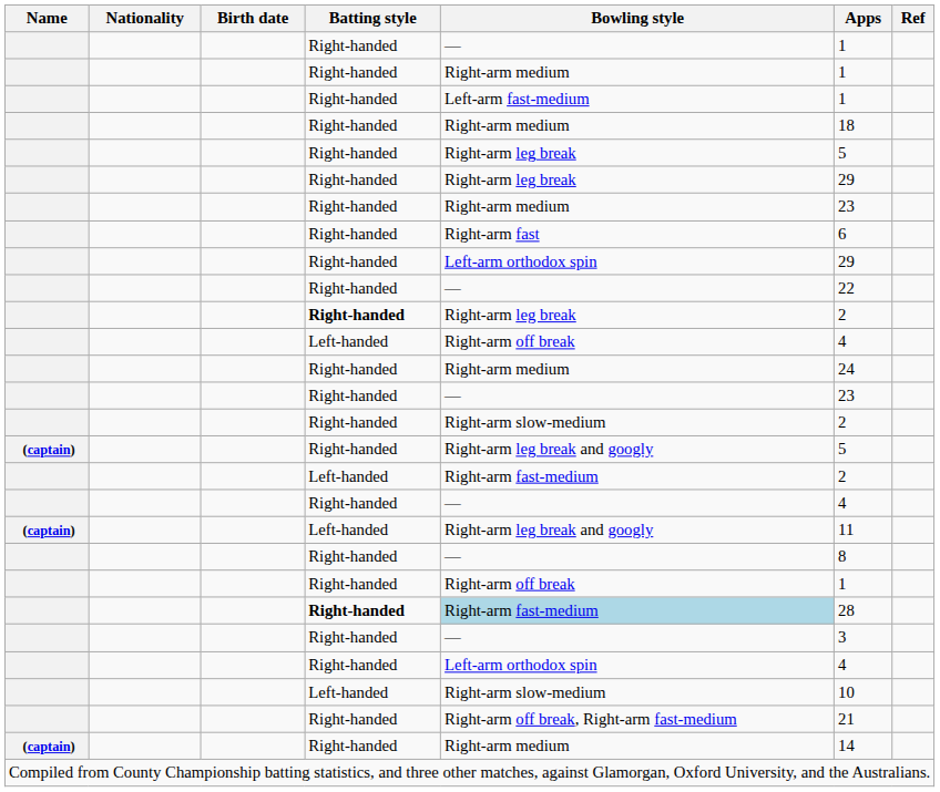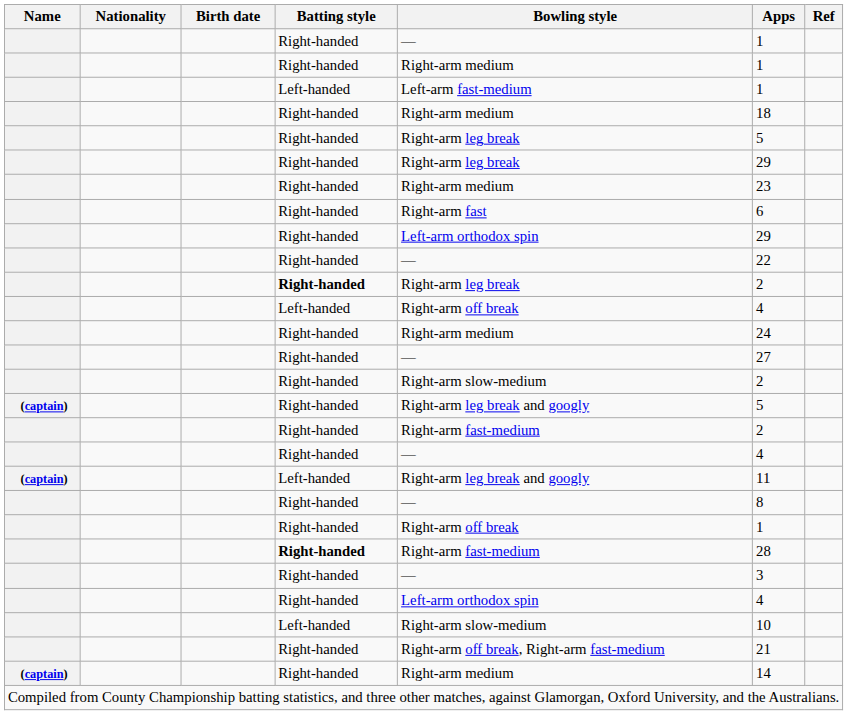 <table class="wikitable sortable plainrowheaders" style="font-size:95%;">
 <tr>
 <th scope="col">Name</th>
 <th scope="col">Nationality</th>
 <th scope="col">Birth date</th>
 <th scope="col">Batting style</th>
 <th scope="col">Bowling style</th>
 <th scope="col">Apps</th>
 <th scope="col" class="unsortable">Ref</th>
 </tr>
 <tr>
 <th scope="row"></th>
 <td></td>
 <td></td>
 <td>Right-handed</td>
 <td>—</td>
 <td>1</td>
 <td></td>
 </tr>
 <tr>
 <th scope="row"></th>
 <td></td>
 <td></td>
 <td>Right-handed</td>
 <td>Right-arm medium</td>
 <td>1</td>
 <td></td>
 </tr>
 <tr>
 <th scope="row"></th>
 <td></td>
 <td></td>
-<td>Right-handed</td>
+<td>Left-handed</td>
 <td>Left-arm <a href='#'>fast-medium</a></td>
 <td>1</td>
 <td></td>
 </tr>
 <tr>
 <th scope="row"></th>
 <td></td>
 <td></td>
 <td>Right-handed</td>
 <td>Right-arm medium</td>
 <td>18</td>
 <td></td>
 </tr>
 <tr>
 <th scope="row"></th>
 <td></td>
 <td></td>
 <td>Right-handed</td>
 <td>Right-arm <a href='#'>leg break</a></td>
 <td>5</td>
 <td></td>
 </tr>
 <tr>
 <th scope="row"></th>
 <td></td>
 <td></td>
 <td>Right-handed</td>
 <td>Right-arm <a href='#'>leg break</a></td>
 <td>29</td>
 <td></td>
 </tr>
 <tr>
 <th scope="row"></th>
 <td></td>
 <td></td>
 <td>Right-handed</td>
 <td>Right-arm medium</td>
 <td>23</td>
 <td></td>
 </tr>
 <tr>
 <th scope="row"></th>
 <td></td>
 <td></td>
 <td>Right-handed</td>
 <td>Right-arm <a href='#'>fast</a></td>
 <td>6</td>
 <td></td>
 </tr>
 <tr>
 <th scope="row"></th>
 <td></td>
 <td></td>
 <td>Right-handed</td>
 <td><a href='#'>Left-arm orthodox spin</a></td>
 <td>29</td>
 <td></td>
 </tr>
 <tr>
 <th scope="row"></th>
 <td></td>
 <td></td>
 <td>Right-handed</td>
 <td>—</td>
 <td>22</td>
 <td></td>
 </tr>
 <tr>
 <th scope="row"></th>
 <td></td>
 <td></td>
 <td><strong>Right-handed</strong></td>
 <td>Right-arm <a href='#'>leg break</a></td>
 <td>2</td>
 <td></td>
 </tr>
 <tr>
 <th scope="row"></th>
 <td></td>
 <td></td>
 <td>Left-handed</td>
 <td>Right-arm <a href='#'>off break</a></td>
 <td>4</td>
 <td></td>
 </tr>
 <tr>
 <th scope="row"></th>
 <td></td>
 <td></td>
 <td>Right-handed</td>
 <td>Right-arm medium</td>
 <td>24</td>
 <td></td>
 </tr>
 <tr>
 <th scope="row"> </th>
 <td></td>
 <td></td>
 <td>Right-handed</td>
 <td>—</td>
-<td>23</td>
+<td>27</td>
 <td></td>
 </tr>
 <tr>
 <th scope="row"></th>
 <td></td>
 <td></td>
 <td>Right-handed</td>
 <td>Right-arm slow-medium</td>
 <td>2</td>
 <td></td>
 </tr>
 <tr>
 <th scope="row"> <small>(<a href='#'>captain</a>)</small></th>
 <td></td>
 <td></td>
 <td>Right-handed</td>
 <td>Right-arm <a href='#'>leg break</a> and <a href='#'>googly</a></td>
 <td>5</td>
 <td></td>
 </tr>
 <tr>
 <th scope="row"></th>
 <td></td>
 <td></td>
-<td>Left-handed</td>
+<td>Right-handed</td>
 <td>Right-arm <a href='#'>fast-medium</a></td>
 <td>2</td>
 <td></td>
 </tr>
 <tr>
 <th scope="row"></th>
 <td></td>
 <td></td>
 <td>Right-handed</td>
 <td>—</td>
 <td>4</td>
 <td></td>
 </tr>
 <tr>
 <th scope="row"> <small>(<a href='#'>captain</a>)</small></th>
 <td></td>
 <td></td>
 <td>Left-handed</td>
 <td>Right-arm <a href='#'>leg break</a> and <a href='#'>googly</a></td>
 <td>11</td>
 <td></td>
 </tr>
 <tr>
 <th scope="row"> </th>
 <td></td>
 <td></td>
 <td>Right-handed</td>
 <td>—</td>
 <td>8</td>
 <td></td>
 </tr>
 <tr>
 <th scope="row"></th>
 <td></td>
 <td></td>
 <td>Right-handed</td>
 <td>Right-arm <a href='#'>off break</a></td>
 <td>1</td>
 <td></td>
 </tr>
 <tr>
 <th scope="row"></th>
 <td></td>
 <td></td>
 <td><strong>Right-handed</strong></td>
-<td style="background: lightblue;">Right-arm <a href='#'>fast-medium</a></td>
+<td>Right-arm <a href='#'>fast-medium</a></td>
 <td>28</td>
 <td></td>
 </tr>
 <tr>
 <th scope="row"></th>
 <td></td>
 <td></td>
 <td>Right-handed</td>
 <td>—</td>
 <td>3</td>
 <td></td>
 </tr>
 <tr>
 <th scope="row"></th>
 <td></td>
 <td></td>
 <td>Right-handed</td>
 <td><a href='#'>Left-arm orthodox spin</a></td>
 <td>4</td>
 <td></td>
 </tr>
 <tr>
 <th scope="row"></th>
 <td></td>
 <td></td>
 <td>Left-handed</td>
 <td>Right-arm slow-medium</td>
 <td>10</td>
 <td></td>
 </tr>
 <tr>
 <th scope="row"></th>
 <td></td>
 <td></td>
 <td>Right-handed</td>
 <td>Right-arm <a href='#'>off break</a>, Right-arm <a href='#'>fast-medium</a></td>
 <td>21</td>
 <td></td>
 </tr>
 <tr>
 <th scope="row"> <small>(<a href='#'>captain</a>)</small></th>
 <td></td>
 <td></td>
 <td>Right-handed</td>
 <td>Right-arm medium</td>
 <td>14</td>
 <td></td>
 </tr>
 <tr class="unsortable">
 <td colspan="7">Compiled from County Championship batting statistics, and three other matches, against Glamorgan, Oxford University, and the Australians.</td>
 </tr>
 </table>
